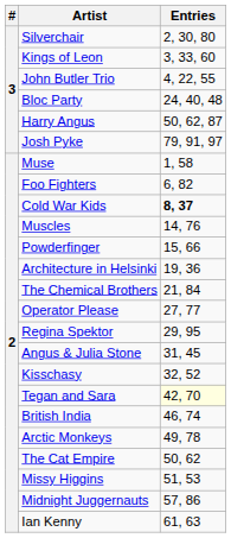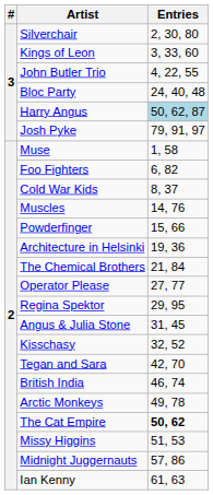 <table class="wikitable sortable">
 <tr>
 <th>#</th>
 <th>Artist</th>
 <th>Entries</th>
 </tr>
 <tr>
 <th rowspan="6">3</th>
 <td><a href='#'>Silverchair</a></td>
 <td>2, 30, 80</td>
 </tr>
 <tr>
 <td><a href='#'>Kings of Leon</a></td>
 <td>3, 33, 60</td>
 </tr>
 <tr>
 <td><a href='#'>John Butler Trio</a></td>
 <td>4, 22, 55</td>
 </tr>
 <tr>
 <td><a href='#'>Bloc Party</a></td>
 <td>24, 40, 48</td>
 </tr>
 <tr>
 <td><a href='#'>Harry Angus</a></td>
-<td>50, 62, 87</td>
+<td style="background: lightblue;">50, 62, 87</td>
 </tr>
 <tr>
 <td><a href='#'>Josh Pyke</a></td>
 <td>79, 91, 97</td>
 </tr>
 <tr>
 <th rowspan="18">2</th>
 <td><a href='#'>Muse</a></td>
 <td>1, 58</td>
 </tr>
 <tr>
 <td><a href='#'>Foo Fighters</a></td>
 <td>6, 82</td>
 </tr>
 <tr>
 <td><a href='#'>Cold War Kids</a></td>
-<td><strong>8, 37</strong></td>
+<td>8, 37</td>
 </tr>
 <tr>
 <td><a href='#'>Muscles</a></td>
 <td>14, 76</td>
 </tr>
 <tr>
 <td><a href='#'>Powderfinger</a></td>
 <td>15, 66</td>
 </tr>
 <tr>
 <td><a href='#'>Architecture in Helsinki</a></td>
 <td>19, 36</td>
 </tr>
 <tr>
 <td><a href='#'>The Chemical Brothers</a></td>
 <td>21, 84</td>
 </tr>
 <tr>
 <td><a href='#'>Operator Please</a></td>
 <td>27, 77</td>
 </tr>
 <tr>
 <td><a href='#'>Regina Spektor</a></td>
 <td>29, 95</td>
 </tr>
 <tr>
 <td><a href='#'>Angus & Julia Stone</a></td>
 <td>31, 45</td>
 </tr>
 <tr>
 <td><a href='#'>Kisschasy</a></td>
 <td>32, 52</td>
 </tr>
 <tr>
 <td><a href='#'>Tegan and Sara</a></td>
-<td style="background: lightyellow;">42, 70</td>
+<td>42, 70</td>
 </tr>
 <tr>
 <td><a href='#'>British India</a></td>
 <td>46, 74</td>
 </tr>
 <tr>
 <td><a href='#'>Arctic Monkeys</a></td>
 <td>49, 78</td>
 </tr>
 <tr>
 <td><a href='#'>The Cat Empire</a></td>
-<td>50, 62</td>
+<td><strong>50, 62</strong></td>
 </tr>
 <tr>
 <td><a href='#'>Missy Higgins</a></td>
 <td>51, 53</td>
 </tr>
 <tr>
 <td><a href='#'>Midnight Juggernauts</a></td>
 <td>57, 86</td>
 </tr>
 <tr>
 <td>Ian Kenny</td>
 <td>61, 63</td>
 </tr>
 </table>
